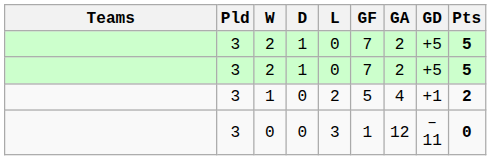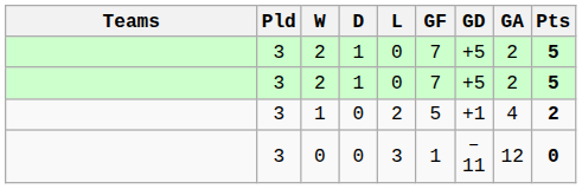 <table class="wikitable" style="text-align: center;">
 <tr>
 <th width=165>Teams</th>
 <th width=20>Pld</th>
 <th width=20>W</th>
 <th width=20>D</th>
 <th width=20>L</th>
 <th width=20>GF</th>
+<th width=20>GD</th>
 <th width=20>GA</th>
-<th width=20>GD</th>
 <th width=20>Pts</th>
 </tr>
 <tr align=center style="background:#ccffcc;">
 <td style="text-align:left;"></td>
 <td>3</td>
 <td>2</td>
 <td>1</td>
 <td>0</td>
 <td>7</td>
+<td>+5</td>
 <td>2</td>
-<td>+5</td>
 <td><strong>5</strong></td>
 </tr>
 <tr align=center style="background:#ccffcc;">
 <td style="text-align:left;"></td>
 <td>3</td>
 <td>2</td>
 <td>1</td>
 <td>0</td>
 <td>7</td>
+<td>+5</td>
 <td>2</td>
-<td>+5</td>
 <td><strong>5</strong></td>
 </tr>
 <tr align=center>
 <td style="text-align:left;"></td>
 <td>3</td>
 <td>1</td>
 <td>0</td>
 <td>2</td>
 <td>5</td>
+<td>+1</td>
 <td>4</td>
-<td>+1</td>
 <td><strong>2</strong></td>
 </tr>
 <tr align=center>
 <td style="text-align:left;"></td>
 <td>3</td>
 <td>0</td>
 <td>0</td>
 <td>3</td>
 <td>1</td>
+<td>–11</td>
 <td>12</td>
-<td>–11</td>
 <td><strong>0</strong></td>
 </tr>
 </table>
